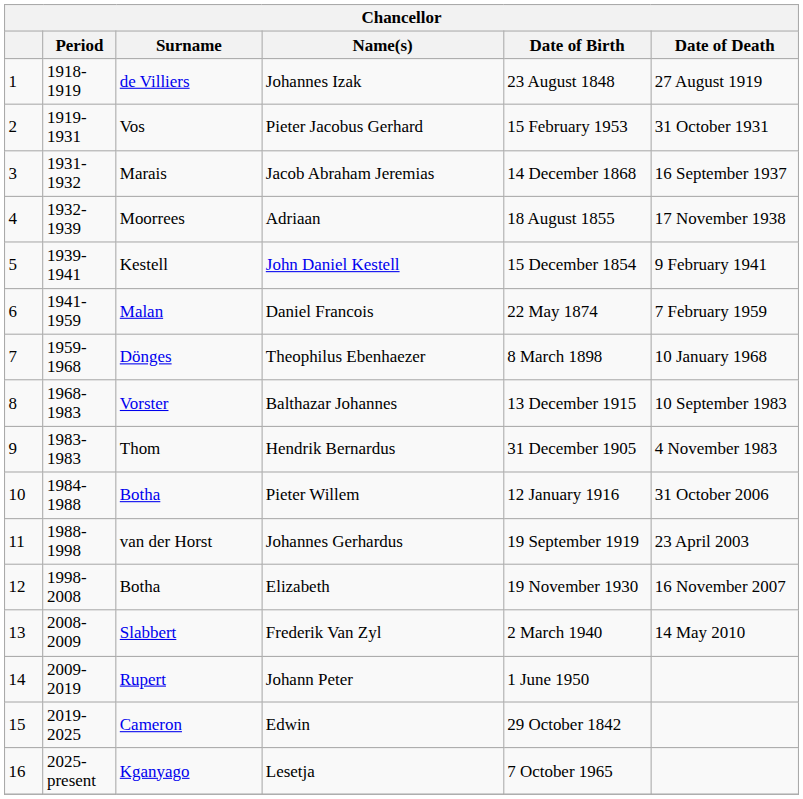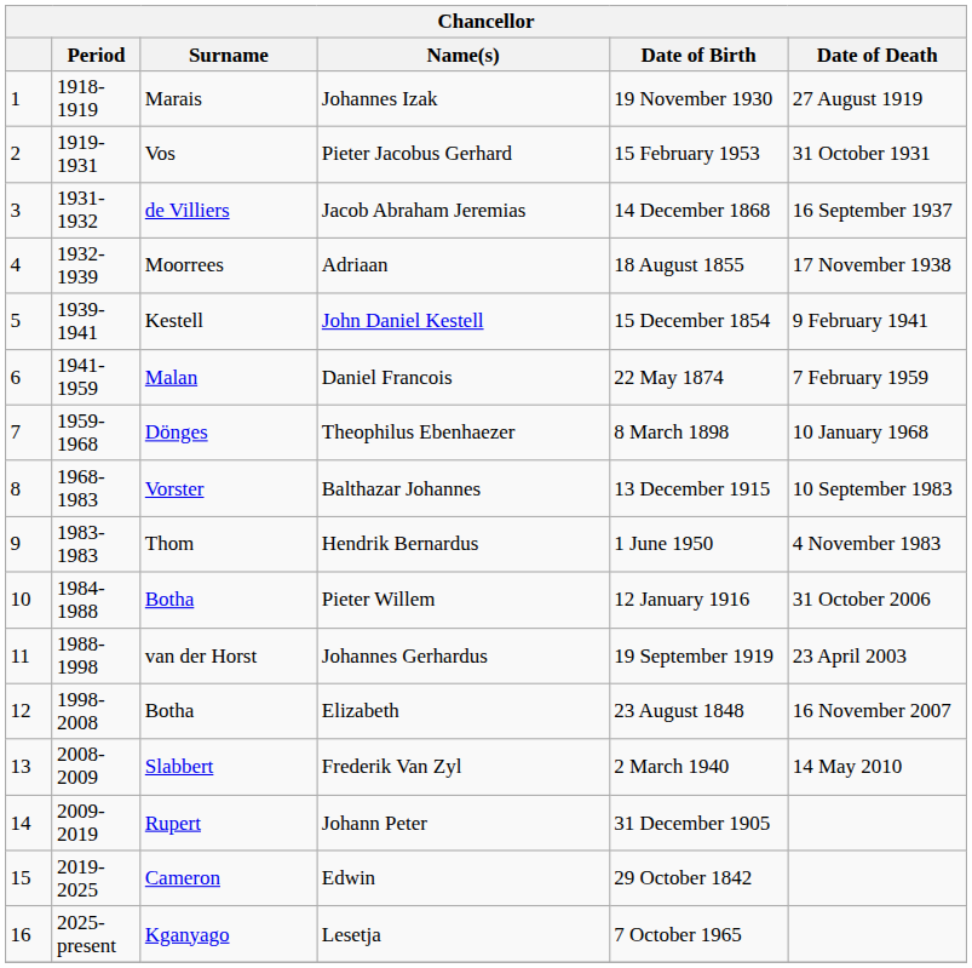 <table class="wikitable sortable" width="750px" style="border:" 1px>
 <tr>
 <th colspan="6">Chancellor</th>
 </tr>
 <tr>
 <th style="white-space: nowrap;" width="45"></th>
 <th width="80">Period</th>
 <th width="210">Surname</th>
 <th width="400">Name(s)</th>
 <th width="210">Date of Birth</th>
 <th width="210">Date of Death</th>
 </tr>
 <tr>
 <td>1</td>
 <td>1918-1919</td>
-<td><a href='#'>de Villiers</a></td>
+<td>Marais</td>
 <td>Johannes Izak</td>
-<td>23 August 1848</td>
+<td>19 November 1930</td>
 <td>27 August 1919</td>
 </tr>
 <tr>
 <td>2</td>
 <td>1919-1931</td>
 <td>Vos</td>
 <td>Pieter Jacobus Gerhard</td>
 <td>15 February 1953</td>
 <td>31 October 1931</td>
 </tr>
 <tr>
 <td>3</td>
 <td>1931-1932</td>
-<td>Marais</td>
+<td><a href='#'>de Villiers</a></td>
 <td>Jacob Abraham Jeremias</td>
 <td>14 December 1868</td>
 <td>16 September 1937</td>
 </tr>
 <tr>
 <td>4</td>
 <td>1932-1939</td>
 <td>Moorrees</td>
 <td>Adriaan</td>
 <td>18 August 1855</td>
 <td>17 November 1938</td>
 </tr>
 <tr>
 <td>5</td>
 <td>1939-1941</td>
 <td>Kestell</td>
 <td><a href='#'>John Daniel Kestell</a></td>
 <td>15 December 1854</td>
 <td>9 February 1941</td>
 </tr>
 <tr>
 <td>6</td>
 <td>1941-1959</td>
 <td><a href='#'>Malan</a></td>
 <td>Daniel Francois</td>
 <td>22 May 1874</td>
 <td>7 February 1959</td>
 </tr>
 <tr>
 <td>7</td>
 <td>1959-1968</td>
 <td><a href='#'>Dönges</a></td>
 <td>Theophilus Ebenhaezer</td>
 <td>8 March 1898</td>
 <td>10 January 1968</td>
 </tr>
 <tr>
 <td>8</td>
 <td>1968-1983</td>
 <td><a href='#'>Vorster</a></td>
 <td>Balthazar Johannes</td>
 <td>13 December 1915</td>
 <td>10 September 1983</td>
 </tr>
 <tr>
 <td>9</td>
 <td>1983-1983</td>
 <td>Thom</td>
 <td>Hendrik Bernardus</td>
-<td>31 December 1905</td>
+<td>1 June 1950</td>
 <td>4 November 1983</td>
 </tr>
 <tr>
 <td>10</td>
 <td>1984-1988</td>
 <td><a href='#'>Botha</a></td>
 <td>Pieter Willem</td>
 <td>12 January 1916</td>
 <td>31 October 2006</td>
 </tr>
 <tr>
 <td>11</td>
 <td>1988-1998</td>
 <td>van der Horst</td>
 <td>Johannes Gerhardus</td>
 <td>19 September 1919</td>
 <td>23 April 2003</td>
 </tr>
 <tr>
 <td>12</td>
 <td>1998-2008</td>
 <td>Botha</td>
 <td>Elizabeth</td>
-<td>19 November 1930</td>
+<td>23 August 1848</td>
 <td>16 November 2007</td>
 </tr>
 <tr>
 <td>13</td>
 <td>2008-2009</td>
 <td><a href='#'>Slabbert</a></td>
 <td>Frederik Van Zyl</td>
 <td>2 March 1940</td>
 <td>14 May 2010</td>
 </tr>
 <tr>
 <td>14</td>
 <td>2009-2019</td>
 <td><a href='#'>Rupert</a></td>
 <td>Johann Peter</td>
-<td>1 June 1950</td>
+<td>31 December 1905</td>
 <td></td>
 </tr>
 <tr>
 <td>15</td>
 <td>2019-2025</td>
 <td><a href='#'>Cameron</a></td>
 <td>Edwin</td>
 <td>29 October 1842</td>
 <td></td>
 </tr>
 <tr>
 <td>16</td>
 <td>2025-present</td>
 <td><a href='#'>Kganyago</a></td>
 <td>Lesetja</td>
 <td>7 October 1965</td>
 <td></td>
 </tr>
 <tr>
 </tr>
 </table>
